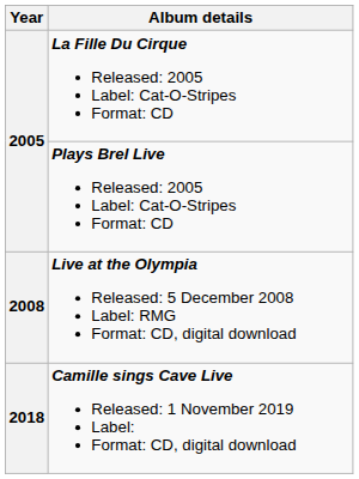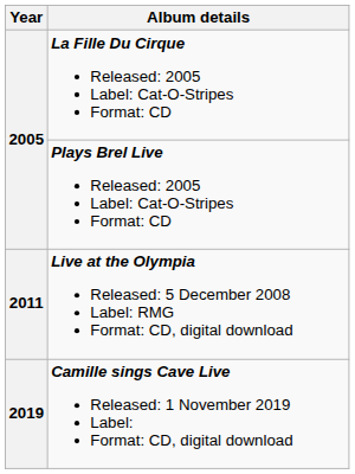 <table class="wikitable" style="text-align: left;">
 <tr>
 <th scope="col">Year</th>
 <th scope="col" style="width:300px;">Album details</th>
 </tr>
 <tr>
 <th scope="row" rowspan="2">2005</th>
 <td><strong><em>La Fille Du Cirque</em></strong><br><ul><li>Released: 2005</li><li>Label: Cat-O-Stripes</li><li>Format: CD</li></ul></td>
 </tr>
 <tr>
 <td><strong><em>Plays Brel Live</em></strong><br><ul><li>Released: 2005</li><li>Label: Cat-O-Stripes</li><li>Format: CD</li></ul></td>
 </tr>
 <tr>
-<th scope="row">2008</th>
+<th scope="row">2011</th>
 <td><strong><em>Live at the Olympia</em></strong><br><ul><li>Released: 5 December 2008</li><li>Label: RMG</li><li>Format: CD, digital download</li></ul></td>
 </tr>
 <tr>
-<th scope="row">2018</th>
+<th scope="row">2019</th>
 <td><strong><em>Camille sings Cave Live</em></strong><br><ul><li>Released: 1 November 2019</li><li>Label:</li><li>Format: CD, digital download</li></ul></td>
 </tr>
 </table>
